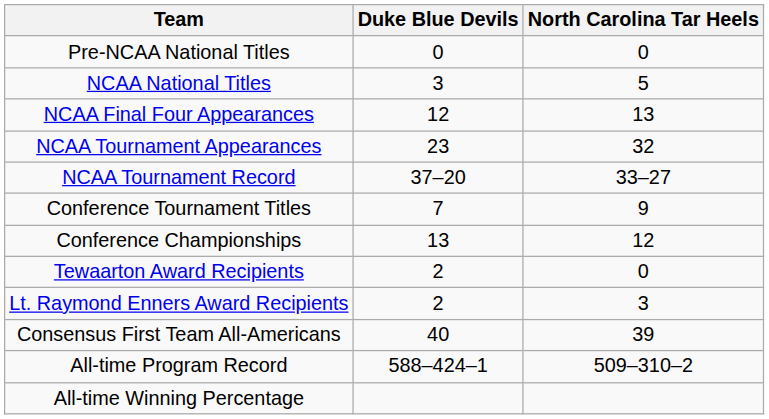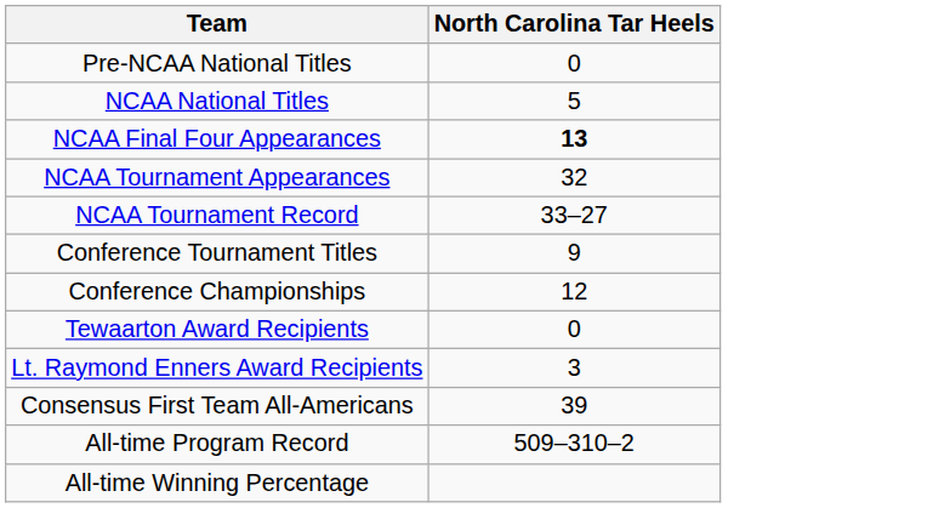 <table class="wikitable" style="text-align:center;">
 <tr>
 <th>Team</th>
-<th>Duke Blue Devils</th>
 <th>North Carolina Tar Heels</th>
 </tr>
 <tr>
 <td>Pre-NCAA National Titles</td>
-<td style=>0</td>
 <td>0</td>
 </tr>
 <tr>
 <td><a href='#'>NCAA National Titles</a></td>
-<td style=>3</td>
 <td>5</td>
 </tr>
 <tr>
 <td><a href='#'>NCAA Final Four Appearances</a></td>
-<td>12</td>
-<td>13</td>
+<td><strong>13</strong></td>
 </tr>
 <tr>
 <td><a href='#'>NCAA Tournament Appearances</a></td>
-<td>23</td>
 <td>32</td>
 </tr>
 <tr>
 <td><a href='#'>NCAA Tournament Record</a></td>
-<td>37–20</td>
 <td>33–27</td>
 </tr>
 <tr>
 <td>Conference Tournament Titles</td>
-<td>7</td>
 <td>9</td>
 </tr>
 <tr>
 <td>Conference Championships</td>
-<td>13</td>
 <td>12</td>
 </tr>
 <tr>
 <td><a href='#'>Tewaarton Award Recipients</a></td>
-<td>2</td>
 <td>0</td>
 </tr>
 <tr>
 <td><a href='#'>Lt. Raymond Enners Award Recipients</a></td>
-<td>2</td>
 <td>3</td>
 </tr>
 <tr>
 <td>Consensus First Team All-Americans</td>
-<td>40</td>
 <td>39</td>
 </tr>
 <tr>
 <td>All-time Program Record</td>
-<td>588–424–1</td>
 <td>509–310–2</td>
 </tr>
 <tr>
 <td>All-time Winning Percentage</td>
 <td></td>
-<td></td>
 </tr>
 </table>
